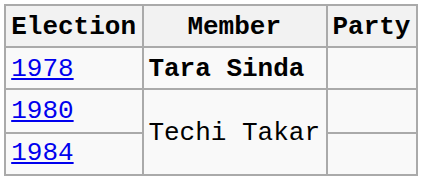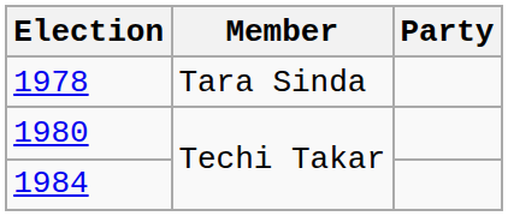 <table class="wikitable sortable">
 <tr>
 <th>Election</th>
 <th>Member</th>
 <th colspan=2>Party</th>
 </tr>
 <tr>
 <td><a href='#'>1978</a></td>
-<td><strong>Tara Sinda</strong></td>
+<td>Tara Sinda</td>
 <td></td>
 </tr>
 <tr>
 <td><a href='#'>1980</a></td>
 <td rowspan=2>Techi Takar</td>
 <td></td>
 </tr>
 <tr>
 <td><a href='#'>1984</a></td>
 <td></td>
 </tr>
 </table>
